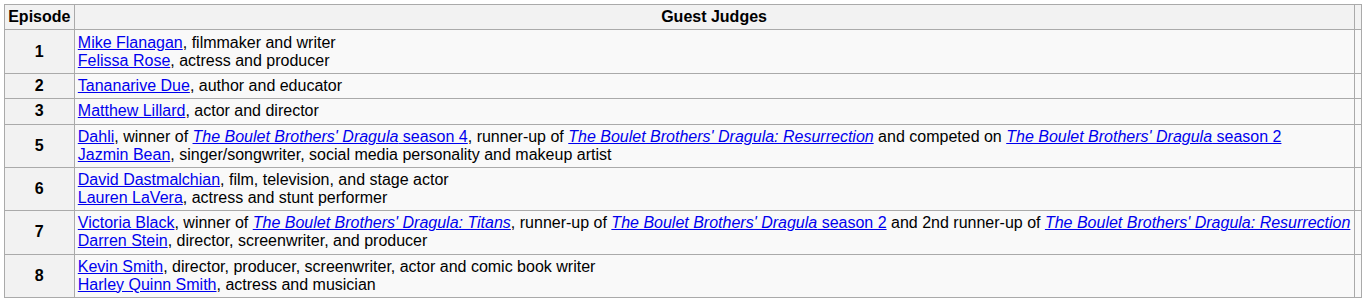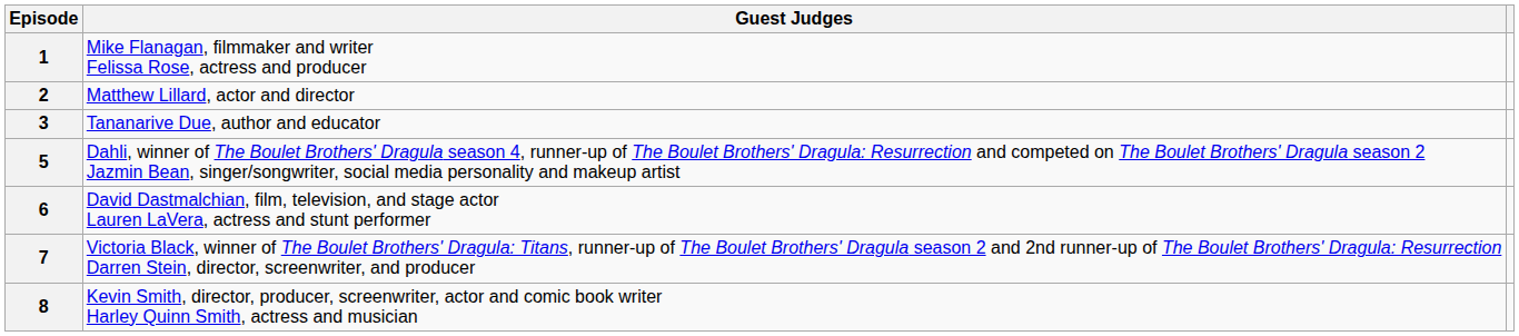 <table class="wikitable">
 <tr>
 <th>Episode</th>
 <th>Guest Judges</th>
 <th></th>
 </tr>
 <tr>
 <th>1</th>
 <td><a href='#'>Mike Flanagan</a>, filmmaker and writer<br><a href='#'>Felissa Rose</a>, actress and producer</td>
 <td></td>
 </tr>
 <tr>
 <th>2</th>
-<td><a href='#'>Tananarive Due</a>, author and educator</td>
+<td><a href='#'>Matthew Lillard</a>, actor and director</td>
 <td></td>
 </tr>
 <tr>
 <th>3</th>
-<td><a href='#'>Matthew Lillard</a>, actor and director</td>
+<td><a href='#'>Tananarive Due</a>, author and educator</td>
 <td></td>
 </tr>
 <tr>
 <th>5</th>
 <td><a href='#'>Dahli</a>, winner of <a href='#'><em>The Boulet Brothers' Dragula</em> season 4</a>, runner-up of <a href='#'><em>The Boulet Brothers' Dragula: Resurrection</em></a> and competed on <a href='#'><em>The Boulet Brothers' Dragula</em> season 2</a><br><a href='#'>Jazmin Bean</a>, singer/songwriter, social media personality and makeup artist</td>
 <td></td>
 </tr>
 <tr>
 <th>6</th>
 <td><a href='#'>David Dastmalchian</a>, film, television, and stage actor<br><a href='#'>Lauren LaVera</a>, actress and stunt performer</td>
 <td></td>
 </tr>
 <tr>
 <th>7</th>
 <td><a href='#'>Victoria Black</a>, winner of <em><a href='#'>The Boulet Brothers' Dragula: Titans</a></em>, runner-up of <a href='#'><em>The Boulet Brothers' Dragula</em> season 2</a> and 2nd runner-up of <a href='#'><em>The Boulet Brothers' Dragula: Resurrection</em></a><br><a href='#'>Darren Stein</a>, director, screenwriter, and producer</td>
 <td></td>
 </tr>
 <tr>
 <th>8</th>
 <td><a href='#'>Kevin Smith</a>, director, producer, screenwriter, actor and comic book writer<br><a href='#'>Harley Quinn Smith</a>, actress and musician</td>
 <td></td>
 </tr>
 </table>
